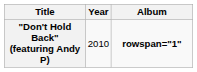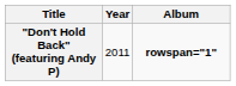 <table class="wikitable plainrowheaders" style="text-align:center;">
 <tr>
 <th scope="col" style="width:8em;">Title</th>
 <th scope="col" style="width:1em;">Year</th>
 <th scope="col" style="width:8em;">Album</th>
 </tr>
 <tr>
 <th scope="row">"Don't Hold Back"<br><span>(featuring Andy P)</span></th>
-<td rowspan="1">2010</td>
+<td rowspan="1">2011</td>
 <td><strong>rowspan="1" </strong></td>
 </tr>
 </table>
